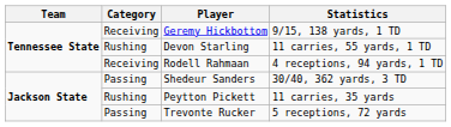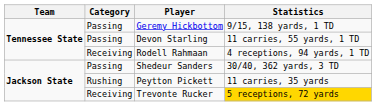 <table class="wikitable" style="float: left;">
 <tr>
 <th>Team</th>
 <th>Category</th>
 <th>Player</th>
 <th>Statistics</th>
 </tr>
 <tr>
 <td rowspan=3><strong>Tennessee State</strong></td>
-<td>Receiving</td>
+<td>Passing</td>
 <td><a href='#'>Geremy Hickbottom</a></td>
 <td>9/15, 138 yards, 1 TD</td>
 </tr>
 <tr>
-<td>Rushing</td>
+<td>Passing</td>
 <td>Devon Starling</td>
 <td>11 carries, 55 yards, 1 TD</td>
 </tr>
 <tr>
 <td>Receiving</td>
 <td>Rodell Rahmaan</td>
 <td>4 receptions, 94 yards, 1 TD</td>
 </tr>
 <tr>
 <td rowspan=3><strong>Jackson State</strong></td>
 <td>Passing</td>
 <td>Shedeur Sanders</td>
 <td>30/40, 362 yards, 3 TD</td>
 </tr>
 <tr>
 <td>Rushing</td>
 <td>Peytton Pickett</td>
 <td>11 carries, 35 yards</td>
 </tr>
 <tr>
-<td>Passing</td>
+<td>Receiving</td>
 <td>Trevonte Rucker</td>
-<td>5 receptions, 72 yards</td>
+<td style="background: gold;">5 receptions, 72 yards</td>
 </tr>
 </table>
